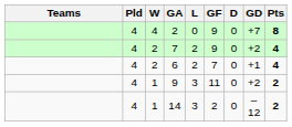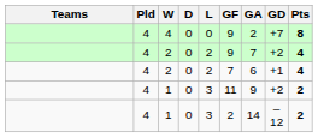 <table class="wikitable" style="text-align: center;">
 <tr>
 <th width=165>Teams</th>
 <th width=20>Pld</th>
 <th width=20>W</th>
-<th width=20>GA</th>
+<th width=20>D</th>
 <th width=20>L</th>
 <th width=20>GF</th>
-<th width=20>D</th>
+<th width=20>GA</th>
 <th width=20>GD</th>
 <th width=20>Pts</th>
 </tr>
 <tr align=center style="background:#ccffcc;">
 <td style="text-align:left;"></td>
 <td>4</td>
 <td>4</td>
-<td>2</td>
+<td>0</td>
 <td>0</td>
 <td>9</td>
-<td>0</td>
+<td>2</td>
 <td>+7</td>
 <td><strong>8</strong></td>
 </tr>
 <tr align=center style="background:#ccffcc;">
 <td style="text-align:left;"></td>
 <td>4</td>
 <td>2</td>
-<td>7</td>
+<td>0</td>
 <td>2</td>
 <td>9</td>
-<td>0</td>
+<td>7</td>
 <td>+2</td>
 <td><strong>4</strong></td>
 </tr>
 <tr align=center>
 <td style="text-align:left;"></td>
 <td>4</td>
 <td>2</td>
-<td>6</td>
+<td>0</td>
 <td>2</td>
 <td>7</td>
-<td>0</td>
+<td>6</td>
 <td>+1</td>
 <td><strong>4</strong></td>
 </tr>
 <tr align=center>
 <td style="text-align:left;"></td>
 <td>4</td>
 <td>1</td>
-<td>9</td>
+<td>0</td>
 <td>3</td>
 <td>11</td>
-<td>0</td>
+<td>9</td>
 <td>+2</td>
 <td><strong>2</strong></td>
 </tr>
 <tr align=center>
 <td style="text-align:left;"></td>
 <td>4</td>
 <td>1</td>
-<td>14</td>
+<td>0</td>
 <td>3</td>
 <td>2</td>
-<td>0</td>
+<td>14</td>
 <td>–12</td>
 <td><strong>2</strong></td>
 </tr>
 </table>
